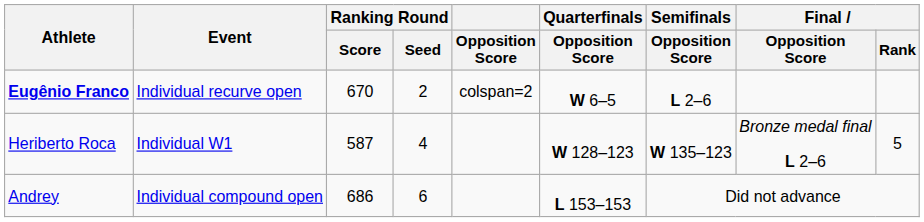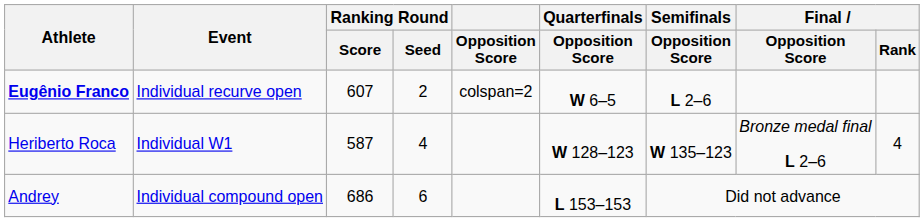 <table class=wikitable style=font-size:90%;text-align:center>
 <tr>
 <th rowspan=2>Athlete</th>
 <th rowspan=2>Event</th>
 <th colspan=2>Ranking Round</th>
 <th></th>
 <th>Quarterfinals</th>
 <th>Semifinals</th>
 <th colspan=2>Final / </th>
 </tr>
 <tr style=font-size:95%>
 <th>Score</th>
 <th>Seed</th>
 <th>Opposition<br>Score</th>
 <th>Opposition<br>Score</th>
 <th>Opposition<br>Score</th>
 <th>Opposition<br>Score</th>
 <th>Rank</th>
 </tr>
 <tr>
 <td align=left><strong><a href='#'>Eugênio Franco</a></strong></td>
 <td align=left><a href='#'>Individual recurve open</a></td>
-<td>670</td>
+<td>607</td>
 <td>2</td>
 <td>colspan=2 </td>
 <td><br><strong>W</strong> 6–5</td>
 <td><br><strong>L</strong> 2–6</td>
 <td></td>
 </tr>
 <tr>
 <td align=left><a href='#'>Heriberto Roca</a></td>
 <td align=left><a href='#'>Individual W1</a></td>
 <td>587</td>
 <td>4</td>
 <td></td>
 <td><br><strong>W</strong> 128–123</td>
 <td><br><strong>W</strong> 135–123</td>
 <td><em>Bronze medal final</em><br><br><strong>L</strong> 2–6</td>
-<td>5</td>
+<td>4</td>
 </tr>
 <tr>
 <td align=left><a href='#'>Andrey </a></td>
 <td align=left><a href='#'>Individual compound open</a></td>
 <td>686</td>
 <td>6</td>
 <td><br></td>
 <td><br><strong>L</strong> 153–153</td>
 <td colspan=3>Did not advance</td>
 </tr>
 </table>
